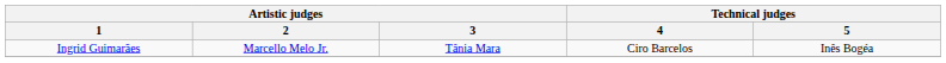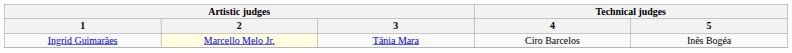 <table class="wikitable" style="font-size:100%; line-height:16px; text-align:center" width="100%">
 <tr>
 <th colspan=3>Artistic judges</th>
 <th colspan=2>Technical judges</th>
 </tr>
 <tr>
 <th style="width:20.0%;">1</th>
 <th style="width:20.0%;">2</th>
 <th style="width:20.0%;">3</th>
 <th style="width:20.0%;">4</th>
 <th style="width:20.0%;">5</th>
 </tr>
 <tr>
 <td><a href='#'>Ingrid Guimarães</a></td>
-<td><a href='#'>Marcello Melo Jr.</a></td>
+<td style="background: lightyellow;"><a href='#'>Marcello Melo Jr.</a></td>
 <td><a href='#'>Tânia Mara</a></td>
 <td>Ciro Barcelos</td>
 <td>Inês Bogéa</td>
 </tr>
 <tr>
 </tr>
 </table>
